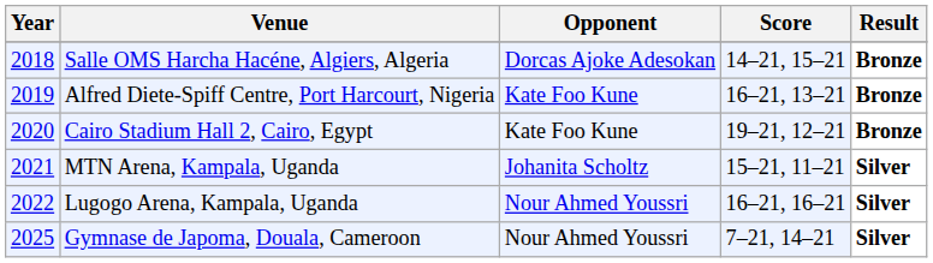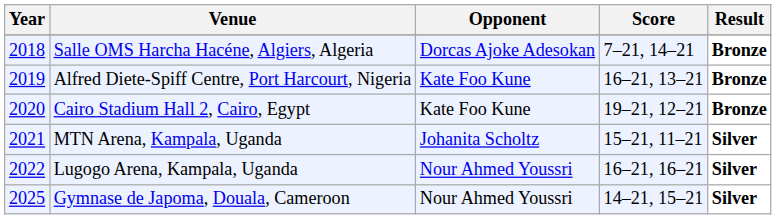 <table class="sortable wikitable" style="font-size: 90%">
 <tr>
 <th>Year</th>
 <th>Venue</th>
 <th>Opponent</th>
 <th>Score</th>
 <th>Result</th>
 </tr>
 <tr>
 </tr>
 <tr style="background:#ECF2FF">
 <td align="center"><a href='#'>2018</a></td>
 <td align="left"><a href='#'>Salle OMS Harcha Hacéne</a>, <a href='#'>Algiers</a>, Algeria</td>
 <td align="left"> <a href='#'>Dorcas Ajoke Adesokan</a></td>
-<td align="left">14–21, 15–21</td>
+<td align="left">7–21, 14–21</td>
 <td style="text-align:left; background:white"> <strong>Bronze</strong></td>
 </tr>
 <tr style="background:#ECF2FF">
 <td align="center"><a href='#'>2019</a></td>
 <td align="left">Alfred Diete-Spiff Centre, <a href='#'>Port Harcourt</a>, Nigeria</td>
 <td align="left"> <a href='#'>Kate Foo Kune</a></td>
 <td align="left">16–21, 13–21</td>
 <td style="text-align:left; background:white"> <strong>Bronze</strong></td>
 </tr>
 <tr style="background:#ECF2FF">
 <td align="center"><a href='#'>2020</a></td>
 <td align="left"><a href='#'>Cairo Stadium Hall 2</a>, <a href='#'>Cairo</a>, Egypt</td>
 <td align="left"> Kate Foo Kune</td>
 <td align="left">19–21, 12–21</td>
 <td style="text-align:left; background:white"> <strong>Bronze</strong></td>
 </tr>
 <tr style="background:#ECF2FF">
 <td align="center"><a href='#'>2021</a></td>
 <td align="left">MTN Arena, <a href='#'>Kampala</a>, Uganda</td>
 <td align="left"> <a href='#'>Johanita Scholtz</a></td>
 <td align="left">15–21, 11–21</td>
 <td style="text-align:left; background:white"> <strong>Silver</strong></td>
 </tr>
 <tr style="background:#ECF2FF">
 <td align="center"><a href='#'>2022</a></td>
 <td align="left">Lugogo Arena, Kampala, Uganda</td>
 <td align="left"> <a href='#'>Nour Ahmed Youssri</a></td>
 <td align="left">16–21, 16–21</td>
 <td style="text-align:left; background:white"> <strong>Silver</strong></td>
 </tr>
 <tr style="background:#ECF2FF">
 <td align="center"><a href='#'>2025</a></td>
 <td align="left"><a href='#'>Gymnase de Japoma</a>, <a href='#'>Douala</a>, Cameroon</td>
 <td align="left"> Nour Ahmed Youssri</td>
-<td align="left">7–21, 14–21</td>
+<td align="left">14–21, 15–21</td>
 <td style="text-align:left; background:white"> <strong>Silver</strong></td>
 </tr>
 </table>
